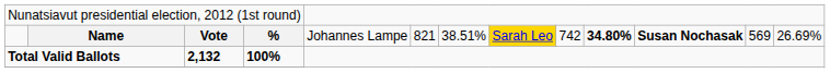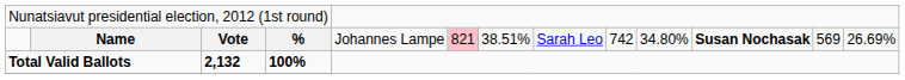 <table class="wikitable">
 <tr>
 <td colspan=4 align=center>Nunatsiavut presidential election, 2012 (1st round)</td>
 </tr>
 <tr>
 <td></td>
 <th><strong>Name </strong></th>
 <th><strong>Vote</strong></th>
 <th><strong>%</strong><br></th>
 <td>Johannes Lampe</td>
-<td>821</td>
+<td style="background: pink;">821</td>
 <td>38.51%<br></td>
-<td style="background: gold;"><a href='#'>Sarah Leo</a></td>
+<td><a href='#'>Sarah Leo</a></td>
 <td>742</td>
-<td><strong>34.80%<br></strong></td>
+<td>34.80%<br></td>
 <td><strong>Susan Nochasak</strong></td>
 <td>569</td>
 <td>26.69%</td>
 </tr>
 <tr>
 <td colspan=2><strong>Total Valid Ballots</strong></td>
 <td><strong>2,132</strong></td>
 <td><strong>100%</strong></td>
 </tr>
 <tr>
 </tr>
 </table>
